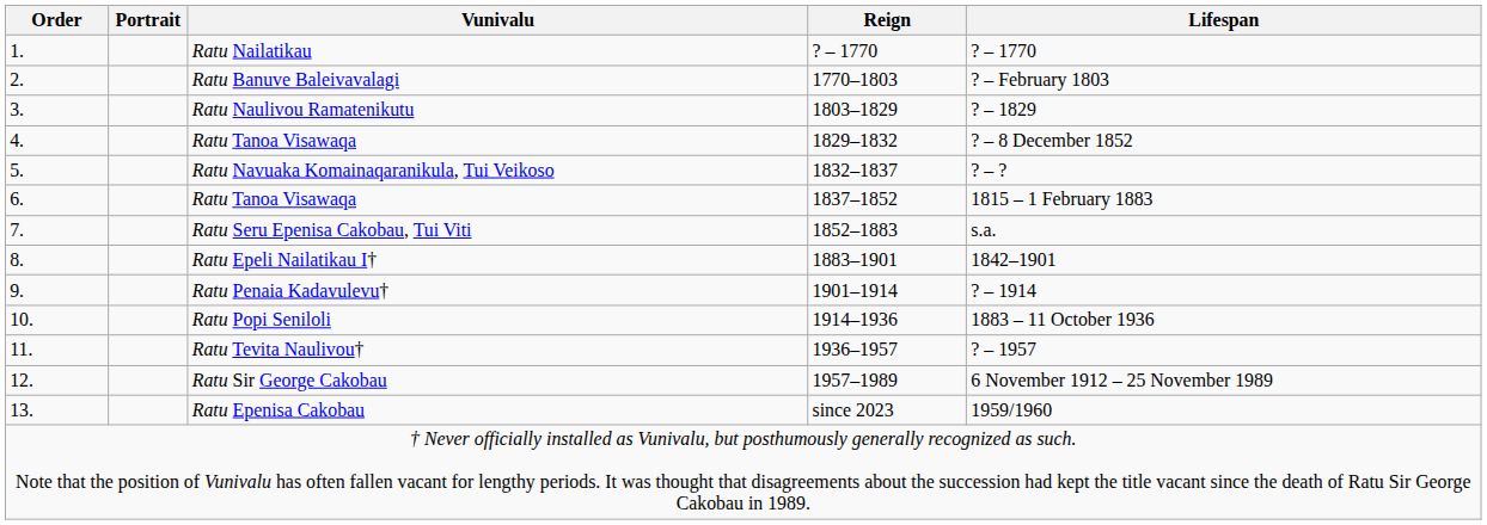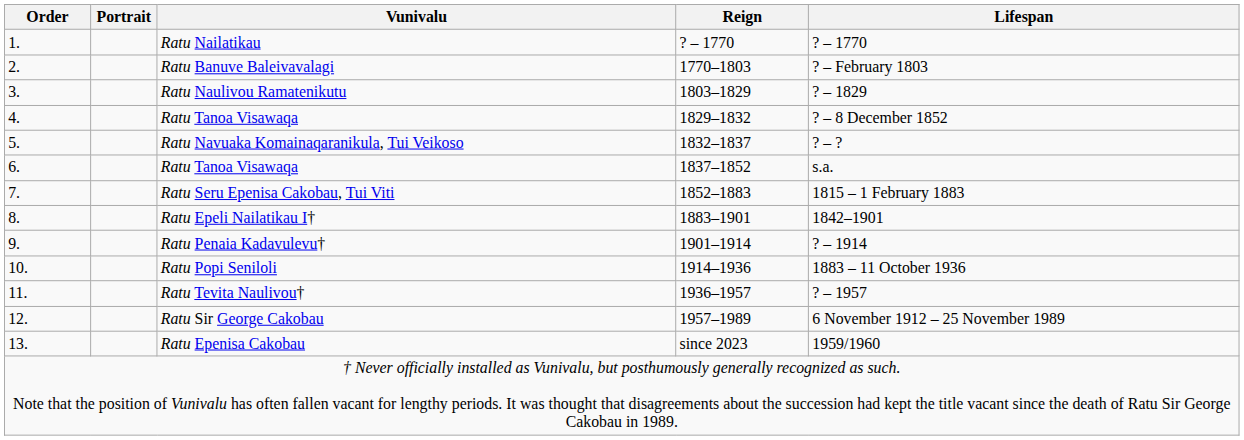 <table class="wikitable">
 <tr>
 <th>Order</th>
 <th width=60px>Portrait</th>
 <th>Vunivalu</th>
 <th>Reign</th>
 <th>Lifespan</th>
 </tr>
 <tr>
 <td>1.</td>
 <td></td>
 <td><em>Ratu</em> <a href='#'>Nailatikau</a></td>
 <td>? – 1770</td>
 <td>? – 1770</td>
 </tr>
 <tr>
 <td>2.</td>
 <td></td>
 <td><em>Ratu</em> <a href='#'>Banuve Baleivavalagi</a></td>
 <td>1770–1803</td>
 <td>? – February 1803</td>
 </tr>
 <tr>
 <td>3.</td>
 <td></td>
 <td><em>Ratu</em> <a href='#'>Naulivou Ramatenikutu</a></td>
 <td>1803–1829</td>
 <td>? – 1829</td>
 </tr>
 <tr>
 <td>4.</td>
 <td></td>
 <td><em>Ratu</em> <a href='#'>Tanoa Visawaqa</a></td>
 <td>1829–1832</td>
 <td>? – 8 December 1852</td>
 </tr>
 <tr>
 <td>5.</td>
 <td></td>
 <td><em>Ratu</em> <a href='#'>Navuaka Komainaqaranikula</a>, <a href='#'>Tui Veikoso</a></td>
 <td>1832–1837</td>
 <td>? – ?</td>
 </tr>
 <tr>
 <td>6.</td>
 <td></td>
 <td><em>Ratu</em> <a href='#'>Tanoa Visawaqa</a></td>
 <td>1837–1852</td>
-<td>1815 – 1 February 1883</td>
+<td>s.a.</td>
 </tr>
 <tr>
 <td>7.</td>
 <td></td>
 <td><em>Ratu</em> <a href='#'>Seru Epenisa Cakobau</a>, <a href='#'>Tui Viti</a></td>
 <td>1852–1883</td>
-<td>s.a.</td>
+<td>1815 – 1 February 1883</td>
 </tr>
 <tr>
 <td>8.</td>
 <td></td>
 <td><em>Ratu</em> <a href='#'>Epeli Nailatikau I</a>†</td>
 <td>1883–1901</td>
 <td>1842–1901</td>
 </tr>
 <tr>
 <td>9.</td>
 <td></td>
 <td><em>Ratu</em> <a href='#'>Penaia Kadavulevu</a>†</td>
 <td>1901–1914</td>
 <td>? – 1914</td>
 </tr>
 <tr>
 <td>10.</td>
 <td></td>
 <td><em>Ratu</em> <a href='#'>Popi Seniloli</a></td>
 <td>1914–1936</td>
 <td>1883 – 11 October 1936</td>
 </tr>
 <tr>
 <td>11.</td>
 <td></td>
 <td><em>Ratu</em> <a href='#'>Tevita Naulivou</a>†</td>
 <td>1936–1957</td>
 <td>? – 1957</td>
 </tr>
 <tr>
 <td>12.</td>
 <td></td>
 <td><em>Ratu</em> Sir <a href='#'>George Cakobau</a></td>
 <td>1957–1989</td>
 <td>6 November 1912 – 25 November 1989</td>
 </tr>
 <tr>
 <td>13.</td>
 <td></td>
 <td><em>Ratu</em> <a href='#'>Epenisa Cakobau</a></td>
 <td>since 2023</td>
 <td>1959/1960</td>
 </tr>
 <tr>
 <td colspan=5 align=center><em>† Never officially installed as Vunivalu, but posthumously generally recognized as such.</em><br><br> Note that the position of <em>Vunivalu</em> has often fallen vacant for lengthy periods. It was thought that disagreements about the succession had kept the title vacant since the death of Ratu Sir George Cakobau in 1989.</td>
 </tr>
 </table>
